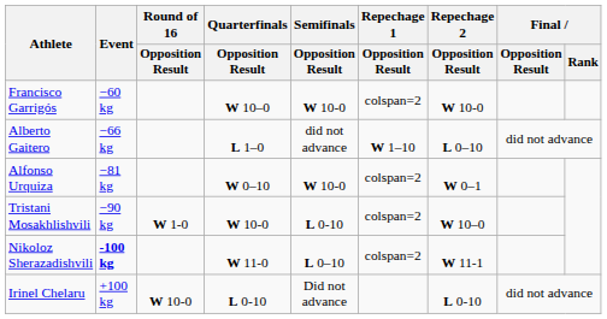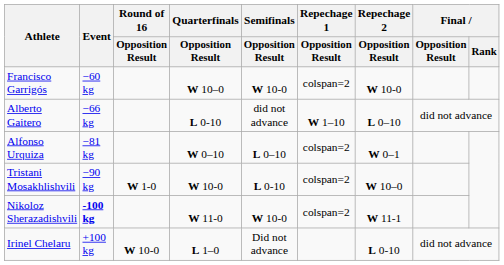 <table class="wikitable" style="font-size:90%">
 <tr>
 <th rowspan="2">Athlete</th>
 <th rowspan="2">Event</th>
 <th>Round of 16</th>
 <th>Quarterfinals</th>
 <th>Semifinals</th>
 <th>Repechage 1</th>
 <th>Repechage 2</th>
 <th colspan=2>Final / </th>
 </tr>
 <tr style="font-size:95%">
 <th>Opposition<br>Result</th>
 <th>Opposition<br>Result</th>
 <th>Opposition<br>Result</th>
 <th>Opposition<br>Result</th>
 <th>Opposition<br>Result</th>
 <th>Opposition<br>Result</th>
 <th>Rank</th>
 </tr>
 <tr align=center>
 <td align=left><a href='#'>Francisco Garrigós</a></td>
 <td align=left><a href='#'>−60 kg</a></td>
 <td></td>
 <td><br><strong>W</strong> 10–0</td>
 <td><br><strong>W</strong> 10-0</td>
 <td>colspan=2 </td>
 <td><br><strong>W</strong> 10-0</td>
 <td></td>
 </tr>
 <tr align=center>
 <td align=left><a href='#'>Alberto Gaitero</a></td>
 <td align=left><a href='#'>−66 kg</a></td>
 <td></td>
-<td><br><strong>L</strong> 1–0</td>
+<td><br><strong>L</strong> 0-10</td>
 <td>did not advance</td>
 <td><br><strong>W</strong> 1–10</td>
 <td><br><strong>L</strong> 0–10</td>
 <td colspan=2>did not advance</td>
 </tr>
 <tr align=center>
 <td align=left><a href='#'>Alfonso Urquiza</a></td>
 <td align=left><a href='#'>−81 kg</a></td>
 <td></td>
 <td><br><strong>W</strong> 0–10</td>
-<td><br><strong>W</strong> 10-0</td>
+<td><br><strong>L</strong> 0–10</td>
 <td>colspan=2 </td>
 <td><br><strong>W</strong> 0–1</td>
 <td></td>
 </tr>
 <tr align=center>
 <td align=left><a href='#'>Tristani Mosakhlishvili</a></td>
 <td align=left><a href='#'>−90 kg</a></td>
 <td><br><strong>W</strong> 1-0</td>
 <td><br><strong>W</strong> 10-0</td>
 <td><br><strong>L</strong> 0-10</td>
 <td>colspan=2 </td>
 <td><br><strong>W</strong> 10–0</td>
 <td></td>
 </tr>
 <tr align=center>
 <td align=left><a href='#'>Nikoloz Sherazadishvili</a></td>
 <td align=left><strong><a href='#'>-100 kg</a></strong></td>
 <td></td>
 <td><br><strong>W</strong> 11-0</td>
-<td><br><strong>L</strong> 0–10</td>
+<td><br><strong>W</strong> 10-0</td>
 <td>colspan=2 </td>
 <td><br><strong>W</strong> 11-1</td>
 <td></td>
 </tr>
 <tr align=center>
 <td align=left><a href='#'>Irinel Chelaru</a></td>
 <td align=left><a href='#'>+100 kg</a></td>
 <td><br><strong>W</strong> 10-0</td>
-<td><br><strong>L</strong> 0-10</td>
+<td><br><strong>L</strong> 1–0</td>
 <td>Did not advance</td>
 <td></td>
 <td><br><strong>L</strong> 0-10</td>
 <td colspan=2>did not advance</td>
 </tr>
 </table>
